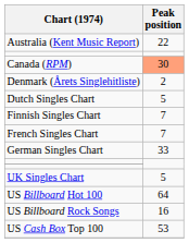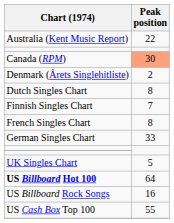 <table class="wikitable sortable">
 <tr>
 <th>Chart (1974)</th>
 <th>Peak<br>position</th>
 </tr>
 <tr>
 <td>Australia (<a href='#'>Kent Music Report</a>)</td>
 <td align="center">22</td>
 </tr>
 <tr>
 <td></td>
 </tr>
 <tr>
 <td align="left">Canada (<em><a href='#'>RPM</a></em>)</td>
 <td align="center" style="background: lightsalmon;">30</td>
 </tr>
 <tr>
 <td>Denmark (<a href='#'>Årets Singlehitliste</a>)</td>
 <td align="center">2</td>
 </tr>
 <tr>
 <td align="left">Dutch Singles Chart</td>
-<td align="center">5</td>
+<td align="center">8</td>
 </tr>
 <tr>
 <td align="left">Finnish Singles Chart</td>
 <td align="center">7</td>
 </tr>
 <tr>
 <td align="left">French Singles Chart</td>
-<td align="center">7</td>
+<td align="center">8</td>
 </tr>
 <tr>
 <td align="left">German Singles Chart</td>
 <td align="center">33</td>
 </tr>
 <tr>
 <td></td>
 </tr>
 <tr>
 </tr>
 <tr>
 <td></td>
 </tr>
 <tr>
 <td><a href='#'>UK Singles Chart</a></td>
 <td style="text-align:center;">5</td>
 </tr>
 <tr>
-<td>US <em><a href='#'>Billboard</a></em> <a href='#'>Hot 100</a></td>
+<td><strong>US <em><a href='#'>Billboard</a></em> <a href='#'>Hot 100</a></strong></td>
 <td style="text-align:center;">64</td>
 </tr>
 <tr>
 <td>US <em>Billboard</em> <a href='#'>Rock Songs</a></td>
 <td align="center">16</td>
 </tr>
 <tr>
 <td>US <em><a href='#'>Cash Box</a></em> Top 100</td>
-<td align="center">53</td>
+<td align="center">55</td>
 </tr>
 <tr>
 </tr>
 </table>
